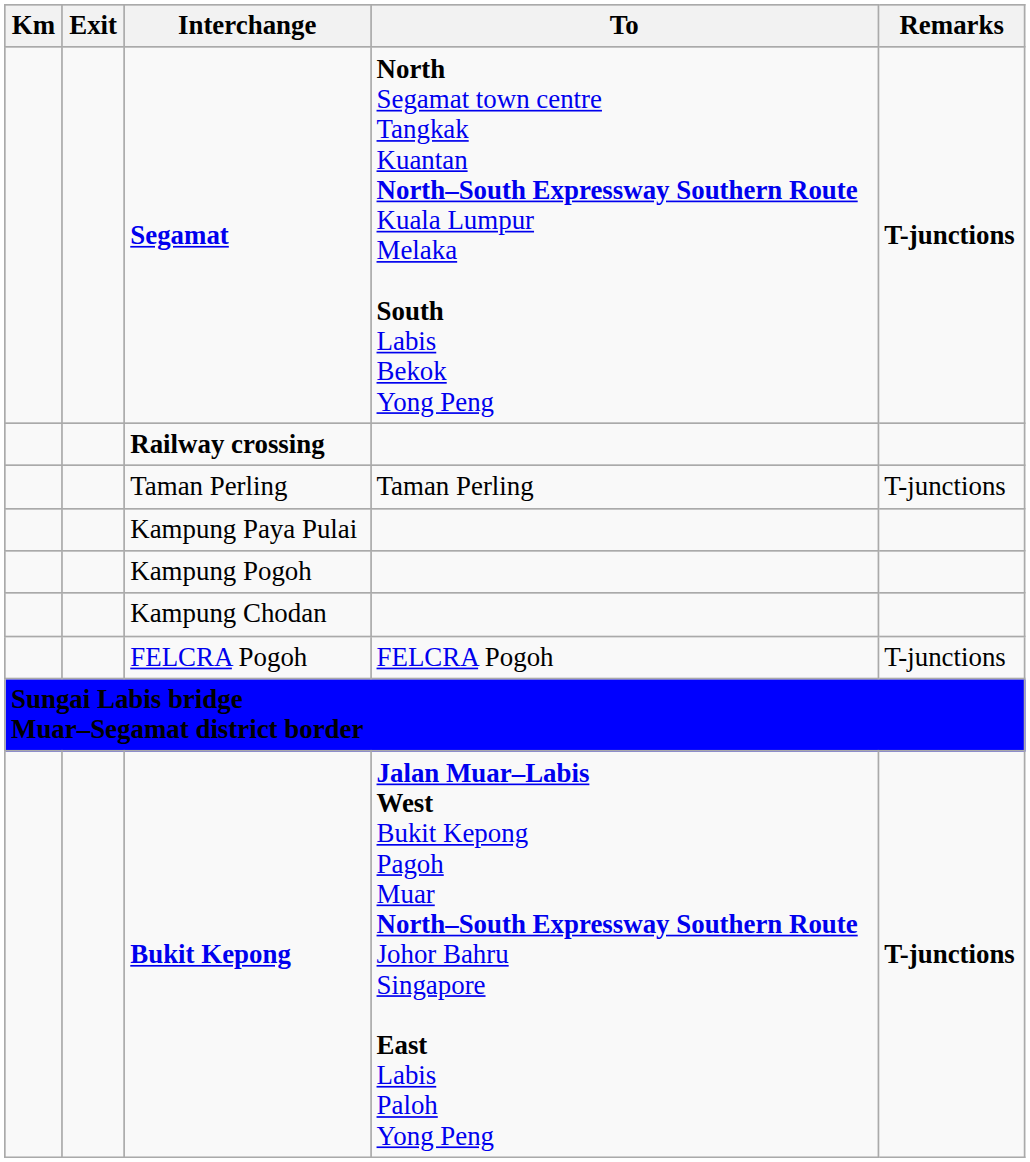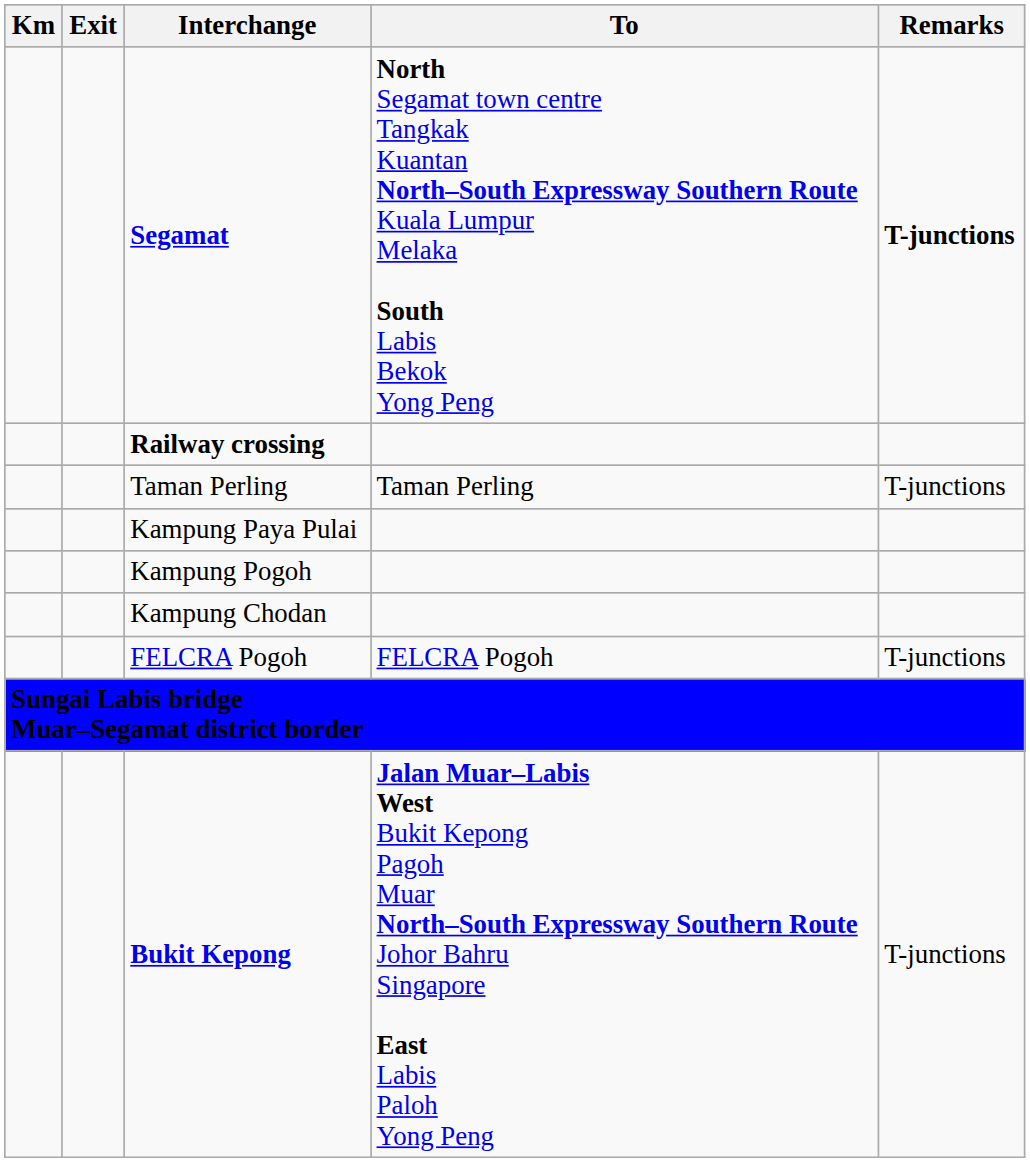 <table class="wikitable">
 <tr>
 <th>Km</th>
 <th>Exit</th>
 <th>Interchange</th>
 <th>To</th>
 <th>Remarks</th>
 </tr>
 <tr>
 <td></td>
 <td></td>
 <td><strong><a href='#'>Segamat</a></strong></td>
 <td><strong>North</strong><br> <a href='#'>Segamat town centre</a><br> <a href='#'>Tangkak</a><br> <a href='#'>Kuantan</a><br>  <strong><a href='#'>North–South Expressway Southern Route</a></strong><br><a href='#'>Kuala Lumpur</a><br><a href='#'>Melaka</a><br><br><strong>South</strong><br> <a href='#'>Labis</a><br> <a href='#'>Bekok</a><br> <a href='#'>Yong Peng</a></td>
 <td><strong>T-junctions</strong></td>
 </tr>
 <tr>
 <td></td>
 <td></td>
 <td><strong>Railway crossing</strong></td>
 <td></td>
 <td></td>
 </tr>
 <tr>
 <td></td>
 <td></td>
 <td>Taman Perling</td>
 <td>Taman Perling</td>
 <td>T-junctions</td>
 </tr>
 <tr>
 <td></td>
 <td></td>
 <td>Kampung Paya Pulai</td>
 <td></td>
 <td></td>
 </tr>
 <tr>
 <td></td>
 <td></td>
 <td>Kampung Pogoh</td>
 <td></td>
 <td></td>
 </tr>
 <tr>
 <td></td>
 <td></td>
 <td>Kampung Chodan</td>
 <td></td>
 <td></td>
 </tr>
 <tr>
 <td></td>
 <td></td>
 <td><a href='#'>FELCRA</a> Pogoh</td>
 <td><a href='#'>FELCRA</a> Pogoh</td>
 <td>T-junctions</td>
 </tr>
 <tr>
 <td style="width:600px" colspan="6" style="text-align:center" bgcolor="blue"><strong><span>Sungai Labis bridge<br>Muar–Segamat district border</span></strong></td>
 </tr>
 <tr>
 <td></td>
 <td></td>
 <td><strong><a href='#'>Bukit Kepong</a></strong></td>
 <td> <strong><a href='#'>Jalan Muar–Labis</a></strong><br><strong>West</strong><br><a href='#'>Bukit Kepong</a><br><a href='#'>Pagoh</a><br><a href='#'>Muar</a><br>  <strong><a href='#'>North–South Expressway Southern Route</a></strong><br><a href='#'>Johor Bahru</a><br><a href='#'>Singapore</a><br><br><strong>East</strong><br><a href='#'>Labis</a><br><a href='#'>Paloh</a><br><a href='#'>Yong Peng</a></td>
-<td><strong>T-junctions</strong></td>
+<td>T-junctions</td>
 </tr>
 </table>
